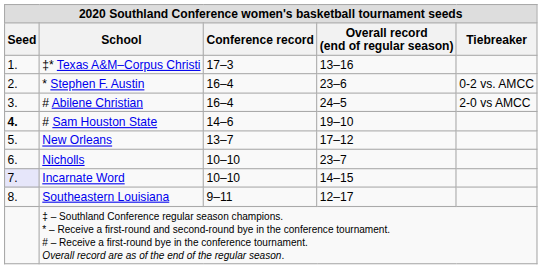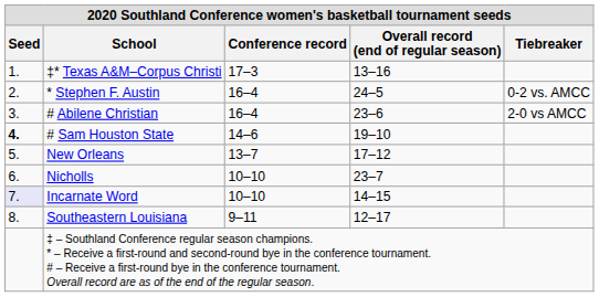 <table class="wikitable" style="white-space:nowrap; font-size:70%;">
 <tr>
 <td colspan="7" style="text-align:center; background:#DDDDDD; font:#000000"><strong>2020 Southland Conference women's basketball tournament seeds</strong></td>
 </tr>
 <tr bgcolor="#efefef">
 <th>Seed</th>
 <th>School</th>
 <th>Conference record</th>
 <th>Overall record <br>(end of regular season)</th>
 <th>Tiebreaker</th>
 </tr>
 <tr>
 <td>1.</td>
 <td>‡* <a href='#'>Texas A&M–Corpus Christi</a></td>
 <td>17–3</td>
 <td>13–16</td>
 <td></td>
 </tr>
 <tr>
 <td>2.</td>
 <td>* <a href='#'>Stephen F. Austin</a></td>
 <td>16–4</td>
-<td>23–6</td>
+<td>24–5</td>
 <td>0-2 vs. AMCC</td>
 </tr>
 <tr>
 <td>3.</td>
 <td># <a href='#'>Abilene Christian</a></td>
 <td>16–4</td>
-<td>24–5</td>
+<td>23–6</td>
 <td>2-0 vs AMCC</td>
 </tr>
 <tr>
 <td><strong>4.</strong></td>
 <td># <a href='#'>Sam Houston State</a></td>
 <td>14–6</td>
 <td>19–10</td>
 <td></td>
 </tr>
 <tr>
 <td>5.</td>
 <td><a href='#'>New Orleans</a></td>
 <td>13–7</td>
 <td>17–12</td>
 <td></td>
 </tr>
 <tr>
 <td>6.</td>
 <td><a href='#'>Nicholls</a></td>
 <td>10–10</td>
 <td>23–7</td>
 <td></td>
 </tr>
 <tr>
 <td style="background: lavender;">7.</td>
 <td><a href='#'>Incarnate Word</a></td>
 <td>10–10</td>
 <td>14–15</td>
 <td></td>
 </tr>
 <tr>
 <td>8.</td>
 <td><a href='#'>Southeastern Louisiana</a></td>
 <td>9–11</td>
 <td>12–17</td>
 </tr>
 <tr>
 <td></td>
 <td colspan=6 align=left><small>‡ – Southland Conference regular season champions.<br>* – Receive a first-round and second-round bye in the conference tournament.<br># – Receive a first-round bye in the conference tournament. <br><em>Overall record are as of the end of the regular season</em>.</small></td>
 </tr>
 </table>
